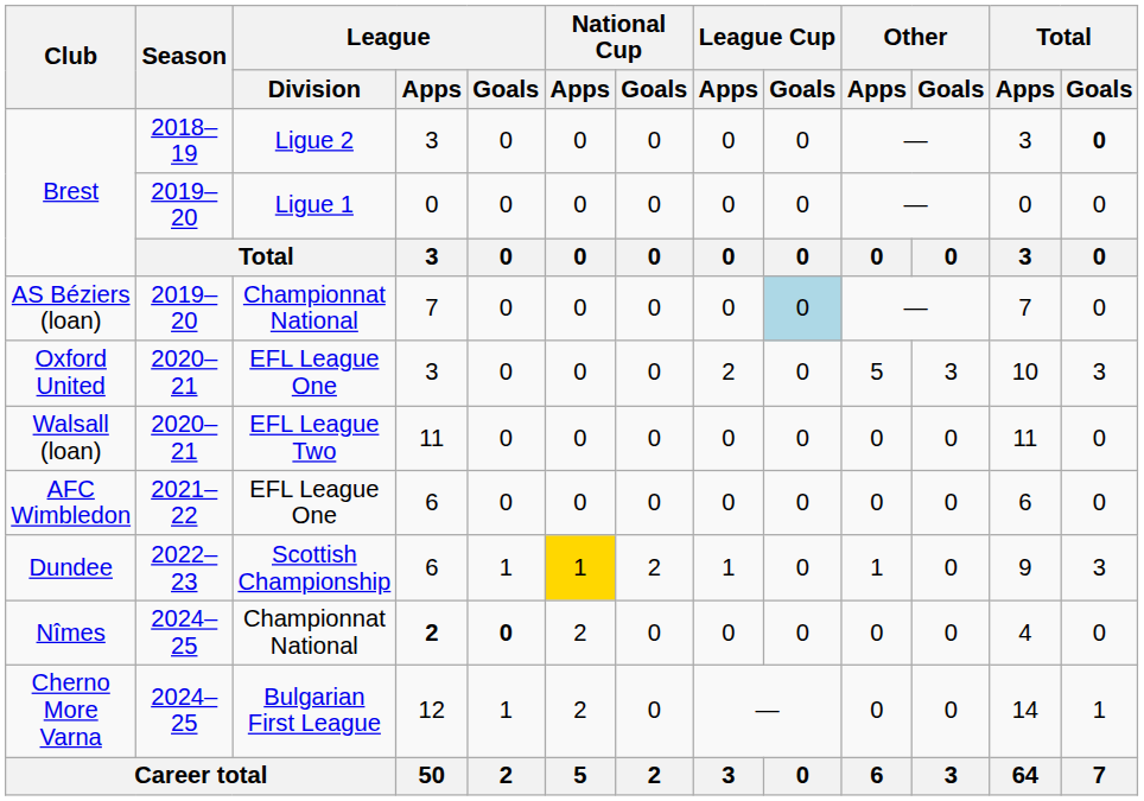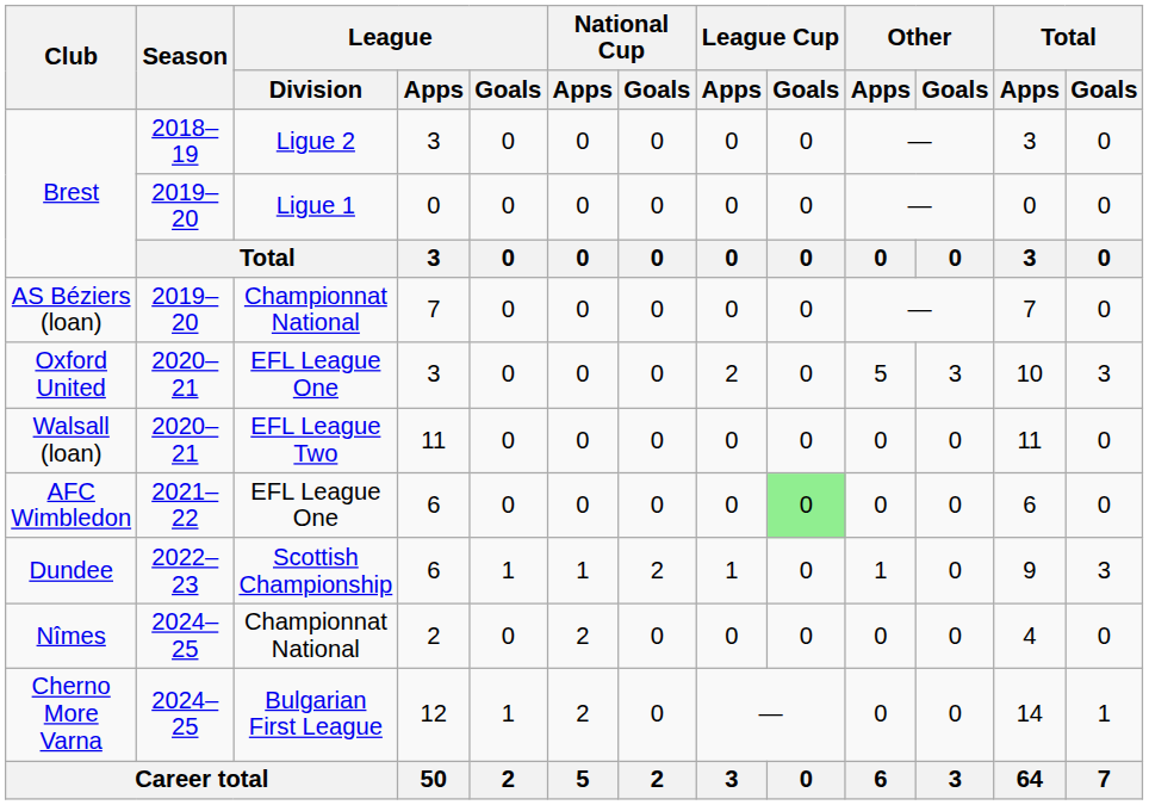 <table class="wikitable" style="text-align: center">
 <tr>
 <th rowspan="2">Club</th>
 <th rowspan="2">Season</th>
 <th colspan="3">League</th>
 <th colspan="2">National Cup</th>
 <th colspan="2">League Cup</th>
 <th colspan="2">Other</th>
 <th colspan="2">Total</th>
 </tr>
 <tr>
 <th>Division</th>
 <th>Apps</th>
 <th>Goals</th>
 <th>Apps</th>
 <th>Goals</th>
 <th>Apps</th>
 <th>Goals</th>
 <th>Apps</th>
 <th>Goals</th>
 <th>Apps</th>
 <th>Goals</th>
 </tr>
 <tr>
 <td rowspan="3"><a href='#'>Brest</a></td>
 <td><a href='#'>2018–19</a></td>
 <td><a href='#'>Ligue 2</a></td>
 <td>3</td>
 <td>0</td>
 <td>0</td>
 <td>0</td>
 <td>0</td>
 <td>0</td>
 <td colspan="2">—</td>
 <td>3</td>
-<td><strong>0</strong></td>
+<td>0</td>
 </tr>
 <tr>
 <td><a href='#'>2019–20</a></td>
 <td><a href='#'>Ligue 1</a></td>
 <td>0</td>
 <td>0</td>
 <td>0</td>
 <td>0</td>
 <td>0</td>
 <td>0</td>
 <td colspan="2">—</td>
 <td>0</td>
 <td>0</td>
 </tr>
 <tr>
 <th colspan="2">Total</th>
 <th>3</th>
 <th>0</th>
 <th>0</th>
 <th>0</th>
 <th>0</th>
 <th>0</th>
 <th>0</th>
 <th>0</th>
 <th>3</th>
 <th>0</th>
 </tr>
 <tr>
 <td><a href='#'>AS Béziers</a> (loan)</td>
 <td><a href='#'>2019–20</a></td>
 <td><a href='#'>Championnat National</a></td>
 <td>7</td>
 <td>0</td>
 <td>0</td>
 <td>0</td>
 <td>0</td>
-<td style="background: lightblue;">0</td>
+<td>0</td>
 <td colspan="2">—</td>
 <td>7</td>
 <td>0</td>
 </tr>
 <tr>
 <td><a href='#'>Oxford United</a></td>
 <td><a href='#'>2020–21</a></td>
 <td><a href='#'>EFL League One</a></td>
 <td>3</td>
 <td>0</td>
 <td>0</td>
 <td>0</td>
 <td>2</td>
 <td>0</td>
 <td>5</td>
 <td>3</td>
 <td>10</td>
 <td>3</td>
 </tr>
 <tr>
 <td><a href='#'>Walsall</a> (loan)</td>
 <td><a href='#'>2020–21</a></td>
 <td><a href='#'>EFL League Two</a></td>
 <td>11</td>
 <td>0</td>
 <td>0</td>
 <td>0</td>
 <td>0</td>
 <td>0</td>
 <td>0</td>
 <td>0</td>
 <td>11</td>
 <td>0</td>
 </tr>
 <tr>
 <td><a href='#'>AFC Wimbledon</a></td>
 <td><a href='#'>2021–22</a></td>
 <td>EFL League One</td>
 <td>6</td>
 <td>0</td>
 <td>0</td>
 <td>0</td>
 <td>0</td>
-<td>0</td>
+<td style="background: lightgreen;">0</td>
 <td>0</td>
 <td>0</td>
 <td>6</td>
 <td>0</td>
 </tr>
 <tr>
 <td><a href='#'>Dundee</a></td>
 <td><a href='#'>2022–23</a></td>
 <td><a href='#'>Scottish Championship</a></td>
 <td>6</td>
 <td>1</td>
-<td style="background: gold;">1</td>
+<td>1</td>
 <td>2</td>
 <td>1</td>
 <td>0</td>
 <td>1</td>
 <td>0</td>
 <td>9</td>
 <td>3</td>
 </tr>
 <tr>
 <td><a href='#'>Nîmes</a></td>
 <td><a href='#'>2024–25</a></td>
 <td>Championnat National</td>
-<td><strong>2</strong></td>
-<td><strong>0</strong></td>
+<td>2</td>
+<td>0</td>
 <td>2</td>
 <td>0</td>
 <td>0</td>
 <td>0</td>
 <td>0</td>
 <td>0</td>
 <td>4</td>
 <td>0</td>
 </tr>
 <tr>
 <td><a href='#'>Cherno More Varna</a></td>
 <td><a href='#'>2024–25</a></td>
 <td><a href='#'>Bulgarian First League</a></td>
 <td>12</td>
 <td>1</td>
 <td>2</td>
 <td>0</td>
 <td colspan="2">—</td>
 <td>0</td>
 <td>0</td>
 <td>14</td>
 <td>1</td>
 </tr>
 <tr>
 <th colspan="3">Career total</th>
 <th>50</th>
 <th>2</th>
 <th>5</th>
 <th>2</th>
 <th>3</th>
 <th>0</th>
 <th>6</th>
 <th>3</th>
 <th>64</th>
 <th>7</th>
 </tr>
 </table>
